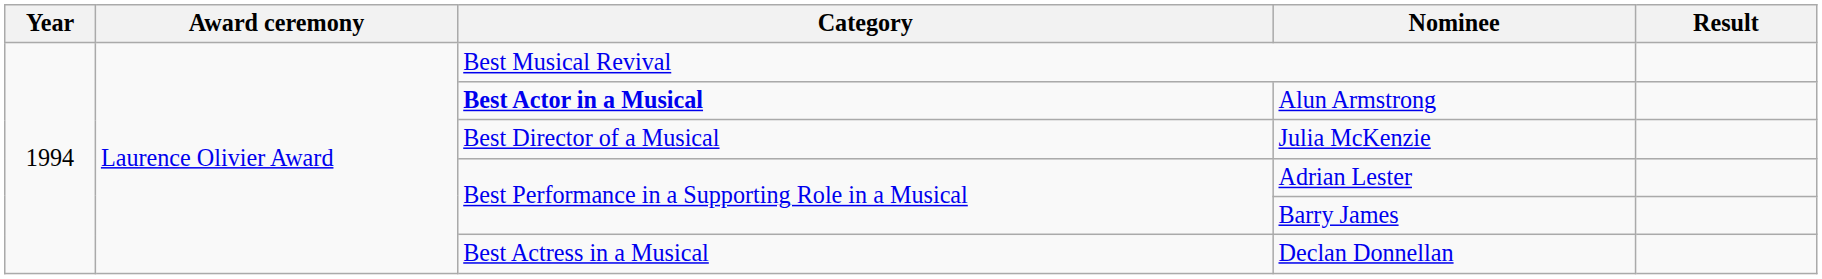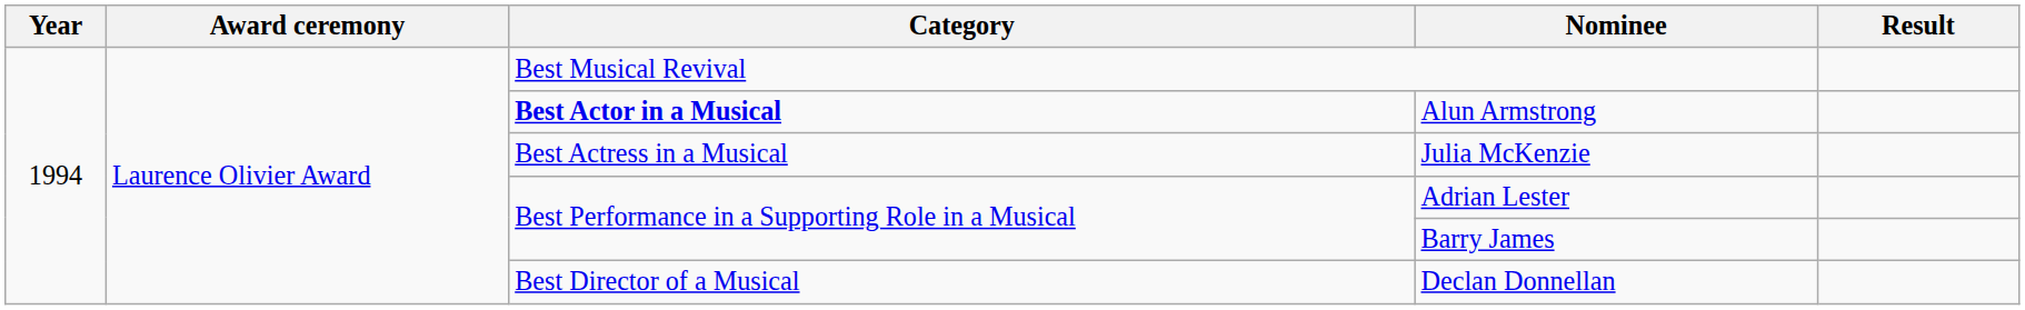 <table class="wikitable" width="95%">
 <tr>
 <th width="5%">Year</th>
 <th width="20%">Award ceremony</th>
 <th width="45%">Category</th>
 <th width="20%">Nominee</th>
 <th width="10%">Result</th>
 </tr>
 <tr>
 <td rowspan="6" align="center">1994</td>
 <td rowspan="6"><a href='#'>Laurence Olivier Award</a></td>
 <td colspan="2"><a href='#'>Best Musical Revival</a></td>
 <td></td>
 </tr>
 <tr>
 <td><strong><a href='#'>Best Actor in a Musical</a></strong></td>
 <td><a href='#'>Alun Armstrong</a></td>
 <td></td>
 </tr>
 <tr>
-<td><a href='#'>Best Director of a Musical</a></td>
+<td><a href='#'>Best Actress in a Musical</a></td>
 <td><a href='#'>Julia McKenzie</a></td>
 <td></td>
 </tr>
 <tr>
 <td rowspan="2"><a href='#'>Best Performance in a Supporting Role in a Musical</a></td>
 <td><a href='#'>Adrian Lester</a></td>
 <td></td>
 </tr>
 <tr>
 <td><a href='#'>Barry James</a></td>
 <td></td>
 </tr>
 <tr>
-<td><a href='#'>Best Actress in a Musical</a></td>
+<td><a href='#'>Best Director of a Musical</a></td>
 <td><a href='#'>Declan Donnellan</a></td>
 <td></td>
 </tr>
 </table>
